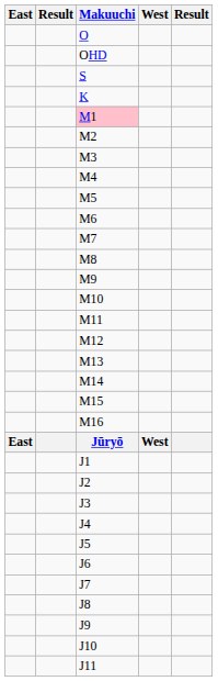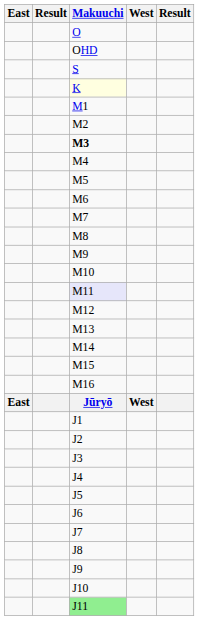 <table class="wikitable defaultcenter" style="margin-left: auto; margin-right: auto; border: none;">
 <tr>
 <th>East</th>
 <th>Result</th>
 <th><a href='#'>Makuuchi</a></th>
 <th>West</th>
 <th>Result</th>
 </tr>
 <tr>
 <td></td>
 <td></td>
 <td><a href='#'>O</a></td>
 <td></td>
 <td></td>
 </tr>
 <tr>
 <td></td>
 <td></td>
 <td>O<a href='#'>HD</a></td>
 <td></td>
 <td></td>
 </tr>
 <tr>
 <td></td>
 <td></td>
 <td><a href='#'>S</a></td>
 <td></td>
 <td></td>
 </tr>
 <tr>
 <td></td>
 <td></td>
-<td><a href='#'>K</a></td>
+<td style="background: lightyellow;"><a href='#'>K</a></td>
 <td></td>
 <td></td>
 </tr>
 <tr>
 <td></td>
 <td></td>
-<td style="background: pink;"><a href='#'>M</a>1</td>
+<td><a href='#'>M</a>1</td>
 <td></td>
 <td></td>
 </tr>
 <tr>
 <td></td>
 <td></td>
 <td>M2</td>
 <td></td>
 <td></td>
 </tr>
 <tr>
 <td></td>
 <td></td>
-<td>M3</td>
+<td><strong>M3</strong></td>
 <td></td>
 <td></td>
 </tr>
 <tr>
 <td></td>
 <td></td>
 <td>M4</td>
 <td></td>
 <td></td>
 </tr>
 <tr>
 <td></td>
 <td></td>
 <td>M5</td>
 <td></td>
 <td></td>
 </tr>
 <tr>
 <td></td>
 <td></td>
 <td>M6</td>
 <td></td>
 <td></td>
 </tr>
 <tr>
 <td></td>
 <td></td>
 <td>M7</td>
 <td></td>
 <td></td>
 </tr>
 <tr>
 <td></td>
 <td></td>
 <td>M8</td>
 <td></td>
 <td></td>
 </tr>
 <tr>
 <td></td>
 <td></td>
 <td>M9</td>
 <td></td>
 <td></td>
 </tr>
 <tr>
 <td></td>
 <td></td>
 <td>M10</td>
 <td></td>
 <td></td>
 </tr>
 <tr>
 <td></td>
 <td></td>
-<td>M11</td>
+<td style="background: lavender;">M11</td>
 <td></td>
 <td></td>
 </tr>
 <tr>
 <td></td>
 <td></td>
 <td>M12</td>
 <td></td>
 <td></td>
 </tr>
 <tr>
 <td></td>
 <td></td>
 <td>M13</td>
 <td></td>
 <td></td>
 </tr>
 <tr>
 <td></td>
 <td></td>
 <td>M14</td>
 <td></td>
 <td></td>
 </tr>
 <tr>
 <td></td>
 <td></td>
 <td>M15</td>
 <td></td>
 <td></td>
 </tr>
 <tr>
 <td></td>
 <td></td>
 <td>M16</td>
 <td></td>
 <td></td>
 </tr>
 <tr>
 <th>East</th>
 <th></th>
 <th><a href='#'>Jūryō</a></th>
 <th>West</th>
 <th></th>
 </tr>
 <tr>
 <td></td>
 <td></td>
 <td>J1</td>
 <td></td>
 <td></td>
 </tr>
 <tr>
 <td></td>
 <td></td>
 <td>J2</td>
 <td></td>
 <td></td>
 </tr>
 <tr>
 <td></td>
 <td></td>
 <td>J3</td>
 <td></td>
 <td></td>
 </tr>
 <tr>
 <td></td>
 <td></td>
 <td>J4</td>
 <td></td>
 <td></td>
 </tr>
 <tr>
 <td></td>
 <td></td>
 <td>J5</td>
 <td></td>
 <td></td>
 </tr>
 <tr>
 <td></td>
 <td></td>
 <td>J6</td>
 <td></td>
 <td></td>
 </tr>
 <tr>
 <td></td>
 <td></td>
 <td>J7</td>
 <td></td>
 <td></td>
 </tr>
 <tr>
 <td></td>
 <td></td>
 <td>J8</td>
 <td></td>
 <td></td>
 </tr>
 <tr>
 <td></td>
 <td></td>
 <td>J9</td>
 <td></td>
 <td></td>
 </tr>
 <tr>
 <td></td>
 <td></td>
 <td>J10</td>
 <td></td>
 <td></td>
 </tr>
 <tr>
 <td></td>
 <td></td>
-<td>J11</td>
+<td style="background: lightgreen;">J11</td>
 <td></td>
 <td></td>
 </tr>
 <tr>
 </tr>
 </table>
